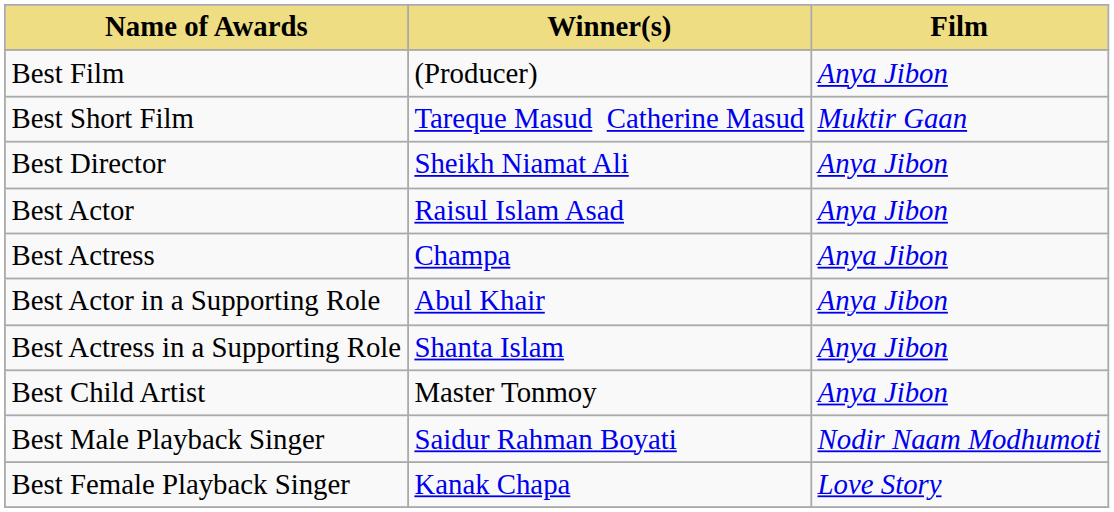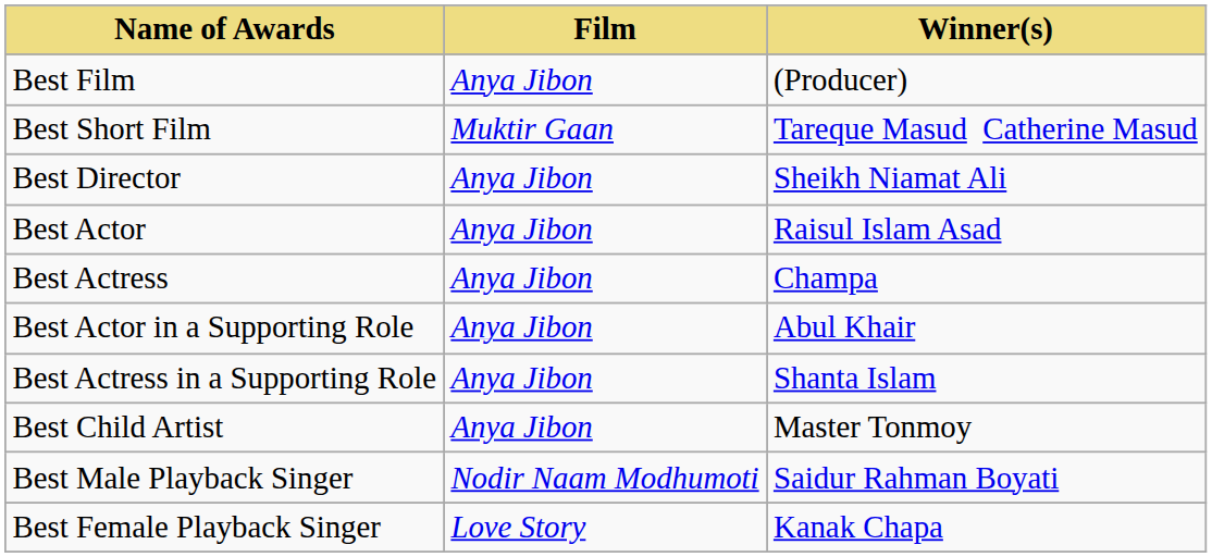 <table class="wikitable">
 <tr>
 <th style="background:#EEDD82;">Name of Awards</th>
+<th style="background:#EEDD82;">Film</th>
 <th style="background:#EEDD82;">Winner(s)</th>
-<th style="background:#EEDD82;">Film</th>
 </tr>
 <tr>
 <td>Best Film</td>
+<td><em><a href='#'>Anya Jibon</a></em></td>
 <td>(Producer)</td>
-<td><em><a href='#'>Anya Jibon</a></em></td>
 </tr>
 <tr>
 <td>Best Short Film</td>
+<td><em><a href='#'>Muktir Gaan</a></em></td>
 <td><a href='#'>Tareque Masud</a> ‍ <a href='#'>Catherine Masud</a></td>
-<td><em><a href='#'>Muktir Gaan</a></em></td>
 </tr>
 <tr>
 <td>Best Director</td>
+<td><em><a href='#'>Anya Jibon</a></em></td>
 <td><a href='#'>Sheikh Niamat Ali</a></td>
-<td><em><a href='#'>Anya Jibon</a></em></td>
 </tr>
 <tr>
 <td>Best Actor</td>
+<td><em><a href='#'>Anya Jibon</a></em></td>
 <td><a href='#'>Raisul Islam Asad</a></td>
-<td><em><a href='#'>Anya Jibon</a></em></td>
 </tr>
 <tr>
 <td>Best Actress</td>
+<td><em><a href='#'>Anya Jibon</a></em></td>
 <td><a href='#'>Champa</a></td>
-<td><em><a href='#'>Anya Jibon</a></em></td>
 </tr>
 <tr>
 <td>Best Actor in a Supporting Role</td>
+<td><em><a href='#'>Anya Jibon</a></em></td>
 <td><a href='#'>Abul Khair</a></td>
-<td><em><a href='#'>Anya Jibon</a></em></td>
 </tr>
 <tr>
 <td>Best Actress in a Supporting Role</td>
+<td><em><a href='#'>Anya Jibon</a></em></td>
 <td><a href='#'>Shanta Islam</a></td>
-<td><em><a href='#'>Anya Jibon</a></em></td>
 </tr>
 <tr>
 <td>Best Child Artist</td>
+<td><em><a href='#'>Anya Jibon</a></em></td>
 <td>Master Tonmoy</td>
-<td><em><a href='#'>Anya Jibon</a></em></td>
 </tr>
 <tr>
 <td>Best Male Playback Singer</td>
+<td><em><a href='#'>Nodir Naam Modhumoti</a></em></td>
 <td><a href='#'>Saidur Rahman Boyati</a></td>
-<td><em><a href='#'>Nodir Naam Modhumoti</a></em></td>
 </tr>
 <tr>
 <td>Best Female Playback Singer</td>
+<td><em><a href='#'>Love Story</a></em></td>
 <td><a href='#'>Kanak Chapa</a></td>
-<td><em><a href='#'>Love Story</a></em></td>
 </tr>
 </table>
